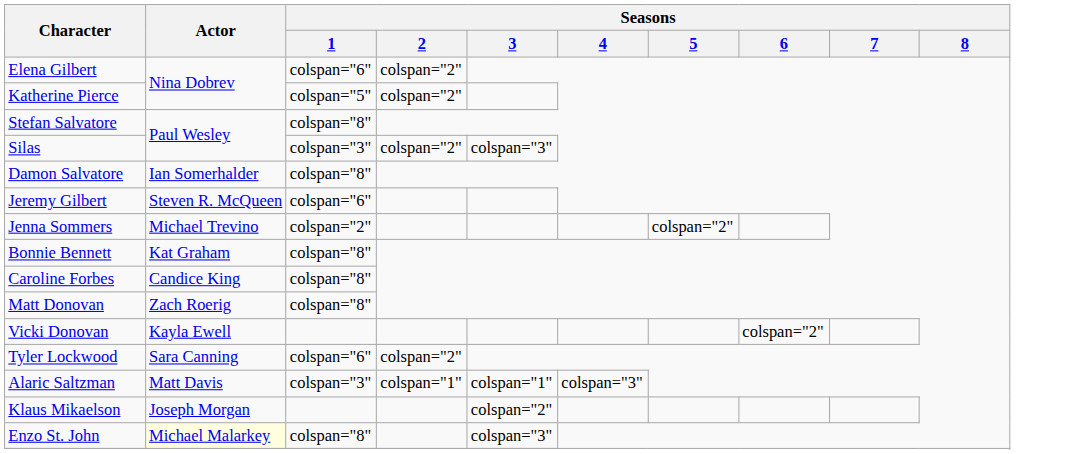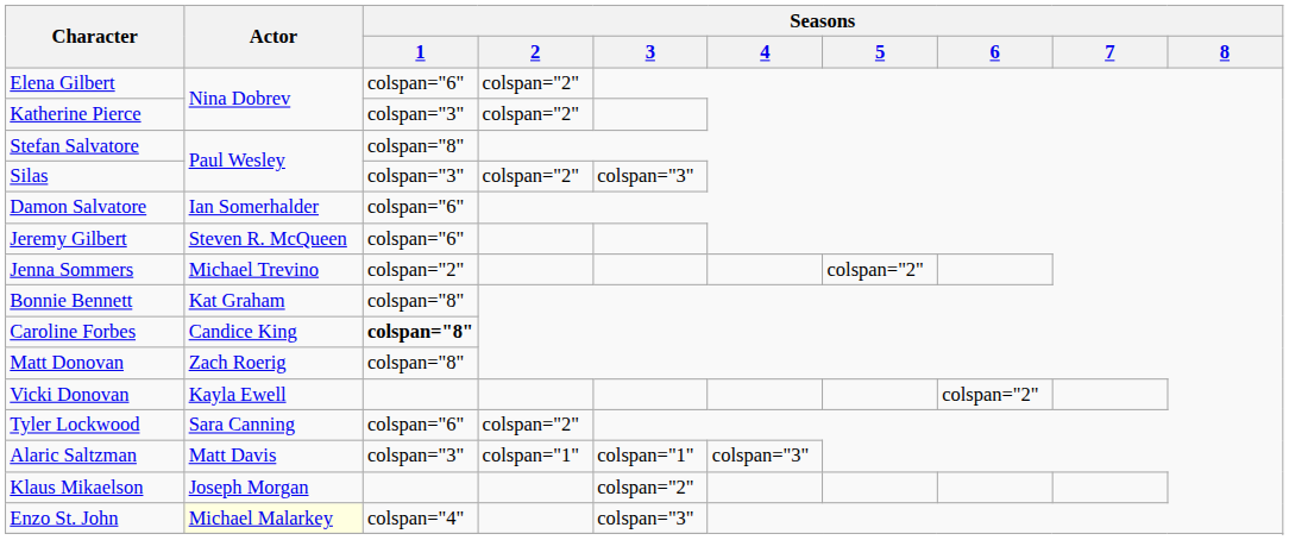 <table class="wikitable">
 <tr>
 <th rowspan="2" style="width:14%;">Character</th>
 <th rowspan="2" style="width:14%;">Actor</th>
 <th colspan="8">Seasons</th>
 </tr>
 <tr>
 <th style="width:9%;"><a href='#'>1</a></th>
 <th style="width:9%;"><a href='#'>2</a></th>
 <th style="width:9%;"><a href='#'>3</a></th>
 <th style="width:9%;"><a href='#'>4</a></th>
 <th style="width:9%;"><a href='#'>5</a></th>
 <th style="width:9%;"><a href='#'>6</a></th>
 <th style="width:9%;"><a href='#'>7</a></th>
 <th style="width:9%;"><a href='#'>8</a></th>
 </tr>
 <tr>
 <td><a href='#'>Elena Gilbert</a></td>
 <td rowspan="2"><a href='#'>Nina Dobrev</a></td>
 <td>colspan="6" </td>
 <td>colspan="2" </td>
 </tr>
 <tr>
 <td><a href='#'>Katherine Pierce</a></td>
-<td>colspan="5" </td>
+<td>colspan="3" </td>
 <td>colspan="2" </td>
 <td></td>
 </tr>
 <tr>
 <td><a href='#'>Stefan Salvatore</a></td>
 <td rowspan="2"><a href='#'>Paul Wesley</a></td>
 <td>colspan="8" </td>
 </tr>
 <tr>
 <td><a href='#'>Silas</a></td>
 <td>colspan="3" </td>
 <td>colspan="2" </td>
 <td>colspan="3" </td>
 </tr>
 <tr>
 <td><a href='#'>Damon Salvatore</a></td>
 <td><a href='#'>Ian Somerhalder</a></td>
-<td>colspan="8" </td>
+<td>colspan="6" </td>
 </tr>
 <tr>
 <td><a href='#'>Jeremy Gilbert</a></td>
 <td><a href='#'>Steven R. McQueen</a></td>
 <td>colspan="6" </td>
 <td></td>
 <td></td>
 </tr>
 <tr>
 <td><a href='#'>Jenna Sommers</a></td>
 <td><a href='#'>Michael Trevino</a></td>
 <td>colspan="2" </td>
 <td></td>
 <td></td>
 <td></td>
 <td>colspan="2" </td>
 <td></td>
 </tr>
 <tr>
 <td><a href='#'>Bonnie Bennett</a></td>
 <td><a href='#'>Kat Graham</a></td>
 <td>colspan="8" </td>
 </tr>
 <tr>
 <td><a href='#'>Caroline Forbes</a></td>
 <td><a href='#'>Candice King</a></td>
-<td>colspan="8" </td>
+<td><strong>colspan="8" </strong></td>
 </tr>
 <tr>
 <td><a href='#'>Matt Donovan</a></td>
 <td><a href='#'>Zach Roerig</a></td>
 <td>colspan="8" </td>
 </tr>
 <tr>
 <td><a href='#'>Vicki Donovan</a></td>
 <td><a href='#'>Kayla Ewell</a></td>
 <td></td>
 <td></td>
 <td></td>
 <td></td>
 <td></td>
 <td>colspan="2" </td>
 <td></td>
 </tr>
 <tr>
 <td><a href='#'>Tyler Lockwood</a></td>
 <td><a href='#'>Sara Canning</a></td>
 <td>colspan="6" </td>
 <td>colspan="2" </td>
 </tr>
 <tr>
 <td><a href='#'>Alaric Saltzman</a></td>
 <td><a href='#'>Matt Davis</a></td>
 <td>colspan="3" </td>
 <td>colspan="1" </td>
 <td>colspan="1" </td>
 <td>colspan="3" </td>
 </tr>
 <tr>
 <td><a href='#'>Klaus Mikaelson</a></td>
 <td><a href='#'>Joseph Morgan</a></td>
 <td></td>
 <td></td>
 <td>colspan="2" </td>
 <td></td>
 <td></td>
 <td></td>
 <td></td>
 </tr>
 <tr>
 <td><a href='#'>Enzo St. John</a></td>
 <td style="background: lightyellow;"><a href='#'>Michael Malarkey</a></td>
-<td>colspan="8" </td>
+<td>colspan="4" </td>
 <td></td>
 <td>colspan="3" </td>
 </tr>
 <tr>
 </tr>
 </table>
